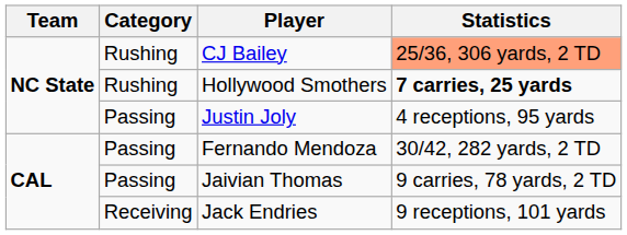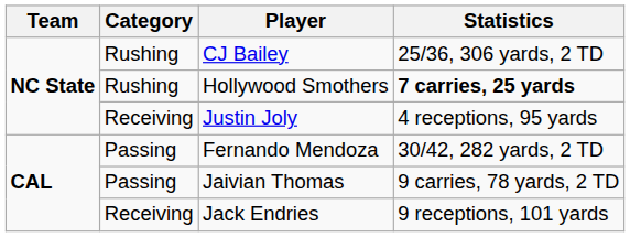 <table class="wikitable" style="float: right;">
 <tr>
 <th>Team</th>
 <th>Category</th>
 <th>Player</th>
 <th>Statistics</th>
 </tr>
 <tr>
 <td rowspan=3><strong>NC State</strong></td>
 <td>Rushing</td>
 <td><a href='#'>CJ Bailey</a></td>
-<td style="background: lightsalmon;">25/36, 306 yards, 2 TD</td>
+<td>25/36, 306 yards, 2 TD</td>
 </tr>
 <tr>
 <td>Rushing</td>
 <td>Hollywood Smothers</td>
 <td><strong>7 carries, 25 yards</strong></td>
 </tr>
 <tr>
-<td>Passing</td>
+<td>Receiving</td>
 <td><a href='#'>Justin Joly</a></td>
 <td>4 receptions, 95 yards</td>
 </tr>
 <tr>
 <td rowspan=3><strong>CAL</strong></td>
 <td>Passing</td>
 <td>Fernando Mendoza</td>
 <td>30/42, 282 yards, 2 TD</td>
 </tr>
 <tr>
 <td>Passing</td>
 <td>Jaivian Thomas</td>
 <td>9 carries, 78 yards, 2 TD</td>
 </tr>
 <tr>
 <td>Receiving</td>
 <td>Jack Endries</td>
 <td>9 receptions, 101 yards</td>
 </tr>
 </table>
